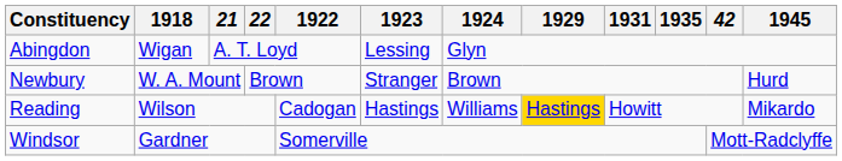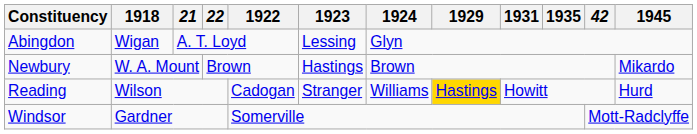 <table class="wikitable">
 <tr>
 <th>Constituency</th>
 <th>1918</th>
 <th><em>21</em></th>
 <th><em>22</em></th>
 <th>1922</th>
 <th>1923</th>
 <th>1924</th>
 <th>1929</th>
 <th>1931</th>
 <th>1935</th>
 <th><em>42</em></th>
 <th>1945</th>
 </tr>
 <tr>
 <td><a href='#'>Abingdon</a></td>
 <td><a href='#'>Wigan</a></td>
 <td colspan="3"><a href='#'>A. T. Loyd</a></td>
 <td><a href='#'>Lessing</a></td>
 <td colspan="6"><a href='#'>Glyn</a></td>
 </tr>
 <tr>
 <td><a href='#'>Newbury</a></td>
 <td colspan="2"><a href='#'>W. A. Mount</a></td>
 <td colspan="2"><a href='#'>Brown</a></td>
-<td><a href='#'>Stranger</a></td>
+<td><a href='#'>Hastings</a></td>
 <td colspan="5"><a href='#'>Brown</a></td>
-<td><a href='#'>Hurd</a></td>
+<td><a href='#'>Mikardo</a></td>
 </tr>
 <tr>
 <td><a href='#'>Reading</a></td>
 <td colspan="3"><a href='#'>Wilson</a></td>
 <td><a href='#'>Cadogan</a></td>
-<td><a href='#'>Hastings</a></td>
+<td><a href='#'>Stranger</a></td>
 <td><a href='#'>Williams</a></td>
 <td style="background: gold;"><a href='#'>Hastings</a></td>
 <td colspan="3"><a href='#'>Howitt</a></td>
-<td><a href='#'>Mikardo</a></td>
+<td><a href='#'>Hurd</a></td>
 </tr>
 <tr>
 <td><a href='#'>Windsor</a></td>
 <td colspan="3"><a href='#'>Gardner</a></td>
 <td colspan="6"><a href='#'>Somerville</a></td>
 <td colspan="2"><a href='#'>Mott-Radclyffe</a></td>
 </tr>
 </table>
